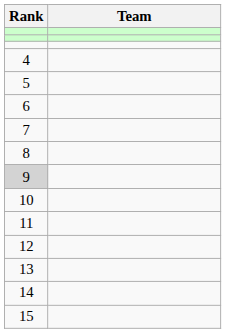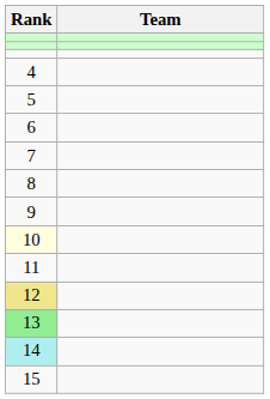 <table class="wikitable" style="text-align: center;">
 <tr>
 <th width=40>Rank</th>
 <th width=180>Team</th>
 </tr>
 <tr bgcolor=#CCFFCC>
 <td></td>
 <td align=left></td>
 </tr>
 <tr bgcolor=#CCFFCC>
 <td></td>
 <td align=left></td>
 </tr>
 <tr>
 <td></td>
 <td align=left></td>
 </tr>
 <tr>
 <td>4</td>
 <td align=left></td>
 </tr>
 <tr>
 <td>5</td>
 <td align=left></td>
 </tr>
 <tr>
 <td>6</td>
 <td align=left></td>
 </tr>
 <tr>
 <td>7</td>
 <td align=left></td>
 </tr>
 <tr>
 <td>8</td>
 <td align=left></td>
 </tr>
 <tr>
-<td style="background: lightgrey;">9</td>
+<td>9</td>
 <td align=left></td>
 </tr>
 <tr>
-<td>10</td>
+<td style="background: lightyellow;">10</td>
 <td align=left></td>
 </tr>
 <tr>
 <td>11</td>
 <td align=left></td>
 </tr>
 <tr>
-<td>12</td>
+<td style="background: khaki;">12</td>
 <td align=left></td>
 </tr>
 <tr>
-<td>13</td>
+<td style="background: lightgreen;">13</td>
 <td align=left></td>
 </tr>
 <tr>
-<td>14</td>
+<td style="background: paleturquoise;">14</td>
 <td align=left></td>
 </tr>
 <tr>
 <td>15</td>
 <td align=left></td>
 </tr>
 </table>
